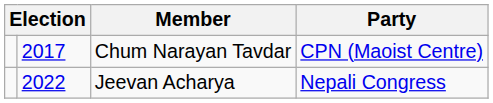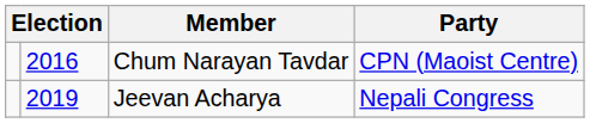 <table class="wikitable">
 <tr>
 <th colspan="2">Election</th>
 <th>Member</th>
 <th>Party</th>
 </tr>
 <tr>
 <td style="background-color:"></td>
-<td><a href='#'>2017</a></td>
+<td><a href='#'>2016</a></td>
 <td>Chum Narayan Tavdar</td>
 <td><a href='#'>CPN (Maoist Centre)</a></td>
 </tr>
 <tr>
 <td style="background-color:"></td>
-<td><a href='#'>2022</a></td>
+<td><a href='#'>2019</a></td>
 <td>Jeevan Acharya</td>
 <td><a href='#'>Nepali Congress</a></td>
 </tr>
 </table>
